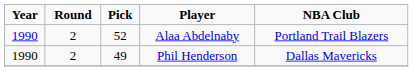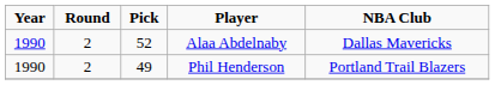 <table class="wikitable" width="80%">
 <tr align="center">
 <td><strong>Year</strong></td>
 <td><strong>Round</strong></td>
 <td><strong>Pick</strong></td>
 <td><strong>Player</strong></td>
 <td><strong>NBA Club</strong></td>
 </tr>
 <tr align="center" bgcolor="">
 <td><a href='#'>1990</a></td>
 <td>2</td>
 <td>52</td>
 <td><a href='#'>Alaa Abdelnaby</a></td>
-<td><a href='#'>Portland Trail Blazers</a></td>
+<td><a href='#'>Dallas Mavericks</a></td>
 </tr>
 <tr align="center" bgcolor="">
 <td>1990</td>
 <td>2</td>
 <td>49</td>
 <td><a href='#'>Phil Henderson</a></td>
-<td><a href='#'>Dallas Mavericks</a></td>
+<td><a href='#'>Portland Trail Blazers</a></td>
 </tr>
 <tr align="center" bgcolor="">
 </tr>
 </table>
